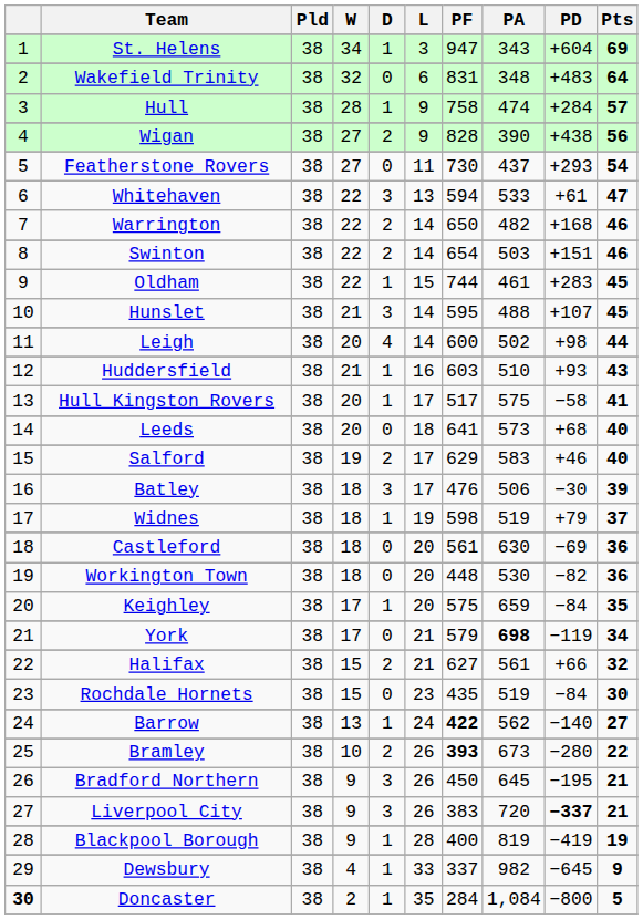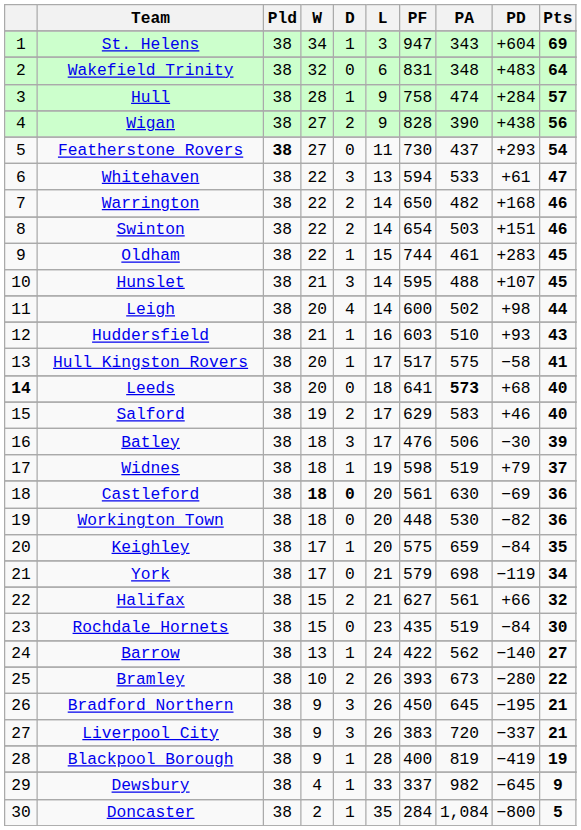 <table class="wikitable" style="text-align:center;">
 <tr>
 <th width=20 abbr="Position"></th>
 <th width=175>Team</th>
 <th width=20 abbr="Played">Pld</th>
 <th width=20 abbr="Won">W</th>
 <th width=20 abbr="Drawn">D</th>
 <th width=20 abbr="Lost">L</th>
 <th width=20 abbr="Points for">PF</th>
 <th width=20 abbr="Points against">PA</th>
 <th width=20 abbr="Points difference">PD</th>
 <th width=20 abbr="Points">Pts</th>
 </tr>
 <tr>
 </tr>
 <tr align=center style="background:#ccffcc;">
 <td>1</td>
 <td style="text-align:center;"><a href='#'>St. Helens</a></td>
 <td>38</td>
 <td>34</td>
 <td>1</td>
 <td>3</td>
 <td>947</td>
 <td>343</td>
 <td>+604</td>
 <td><strong>69</strong></td>
 </tr>
 <tr --->
 </tr>
 <tr align=center style="background:#ccffcc;">
 <td>2</td>
 <td style="text-align:center;"><a href='#'>Wakefield Trinity</a></td>
 <td>38</td>
 <td>32</td>
 <td>0</td>
 <td>6</td>
 <td>831</td>
 <td>348</td>
 <td>+483</td>
 <td><strong>64</strong></td>
 </tr>
 <tr --->
 </tr>
 <tr align=center style="background:#ccffcc;">
 <td>3</td>
 <td style="text-align:center;"><a href='#'>Hull</a></td>
 <td>38</td>
 <td>28</td>
 <td>1</td>
 <td>9</td>
 <td>758</td>
 <td>474</td>
 <td>+284</td>
 <td><strong>57</strong></td>
 </tr>
 <tr --->
 </tr>
 <tr align=center style="background:#ccffcc;">
 <td>4</td>
 <td style="text-align:center;"><a href='#'>Wigan</a></td>
 <td>38</td>
 <td>27</td>
 <td>2</td>
 <td>9</td>
 <td>828</td>
 <td>390</td>
 <td>+438</td>
 <td><strong>56</strong></td>
 </tr>
 <tr --->
 </tr>
 <tr align=center style="background:">
 <td>5</td>
 <td style="text-align:center;"><a href='#'>Featherstone Rovers</a></td>
-<td>38</td>
+<td><strong>38</strong></td>
 <td>27</td>
 <td>0</td>
 <td>11</td>
 <td>730</td>
 <td>437</td>
 <td>+293</td>
 <td><strong>54</strong></td>
 </tr>
 <tr --->
 </tr>
 <tr align=center style="background:">
 <td>6</td>
 <td style="text-align:center;"><a href='#'>Whitehaven</a></td>
 <td>38</td>
 <td>22</td>
 <td>3</td>
 <td>13</td>
 <td>594</td>
 <td>533</td>
 <td>+61</td>
 <td><strong>47</strong></td>
 </tr>
 <tr --->
 </tr>
 <tr align=center style="background:">
 <td>7</td>
 <td style="text-align:center;"><a href='#'>Warrington</a></td>
 <td>38</td>
 <td>22</td>
 <td>2</td>
 <td>14</td>
 <td>650</td>
 <td>482</td>
 <td>+168</td>
 <td><strong>46</strong></td>
 </tr>
 <tr --->
 </tr>
 <tr align=center style="background:">
 <td>8</td>
 <td style="text-align:center;"><a href='#'>Swinton</a></td>
 <td>38</td>
 <td>22</td>
 <td>2</td>
 <td>14</td>
 <td>654</td>
 <td>503</td>
 <td>+151</td>
 <td><strong>46</strong></td>
 </tr>
 <tr --->
 </tr>
 <tr align=center style="background:">
 <td>9</td>
 <td style="text-align:center;"><a href='#'>Oldham</a></td>
 <td>38</td>
 <td>22</td>
 <td>1</td>
 <td>15</td>
 <td>744</td>
 <td>461</td>
 <td>+283</td>
 <td><strong>45</strong></td>
 </tr>
 <tr --->
 </tr>
 <tr align=center style="background:">
 <td>10</td>
 <td style="text-align:center;"><a href='#'>Hunslet</a></td>
 <td>38</td>
 <td>21</td>
 <td>3</td>
 <td>14</td>
 <td>595</td>
 <td>488</td>
 <td>+107</td>
 <td><strong>45</strong></td>
 </tr>
 <tr --->
 </tr>
 <tr align=center style="background:">
 <td>11</td>
 <td style="text-align:center;"><a href='#'>Leigh</a></td>
 <td>38</td>
 <td>20</td>
 <td>4</td>
 <td>14</td>
 <td>600</td>
 <td>502</td>
 <td>+98</td>
 <td><strong>44</strong></td>
 </tr>
 <tr --->
 </tr>
 <tr align=center style="background:">
 <td>12</td>
 <td style="text-align:center;"><a href='#'>Huddersfield</a></td>
 <td>38</td>
 <td>21</td>
 <td>1</td>
 <td>16</td>
 <td>603</td>
 <td>510</td>
 <td>+93</td>
 <td><strong>43</strong></td>
 </tr>
 <tr --->
 </tr>
 <tr align=center style="background:">
 <td>13</td>
 <td style="text-align:center;"><a href='#'>Hull Kingston Rovers</a></td>
 <td>38</td>
 <td>20</td>
 <td>1</td>
 <td>17</td>
 <td>517</td>
 <td>575</td>
 <td>−58</td>
 <td><strong>41</strong></td>
 </tr>
 <tr --->
 </tr>
 <tr align=center style="background:">
-<td>14</td>
+<td><strong>14</strong></td>
 <td style="text-align:center;"><a href='#'>Leeds</a></td>
 <td>38</td>
 <td>20</td>
 <td>0</td>
 <td>18</td>
 <td>641</td>
-<td>573</td>
+<td><strong>573</strong></td>
 <td>+68</td>
 <td><strong>40</strong></td>
 </tr>
 <tr --->
 </tr>
 <tr align=center style="background:">
 <td>15</td>
 <td style="text-align:center;"><a href='#'>Salford</a></td>
 <td>38</td>
 <td>19</td>
 <td>2</td>
 <td>17</td>
 <td>629</td>
 <td>583</td>
 <td>+46</td>
 <td><strong>40</strong></td>
 </tr>
 <tr --->
 </tr>
 <tr align=center style="background:">
 <td>16</td>
 <td style="text-align:center;"><a href='#'>Batley</a></td>
 <td>38</td>
 <td>18</td>
 <td>3</td>
 <td>17</td>
 <td>476</td>
 <td>506</td>
 <td>−30</td>
 <td><strong>39</strong></td>
 </tr>
 <tr --->
 </tr>
 <tr align=center style="background:">
 <td>17</td>
 <td style="text-align:center;"><a href='#'>Widnes</a></td>
 <td>38</td>
 <td>18</td>
 <td>1</td>
 <td>19</td>
 <td>598</td>
 <td>519</td>
 <td>+79</td>
 <td><strong>37</strong></td>
 </tr>
 <tr --->
 </tr>
 <tr align=center style="background:">
 <td>18</td>
 <td style="text-align:center;"><a href='#'>Castleford</a></td>
 <td>38</td>
-<td>18</td>
-<td>0</td>
+<td><strong>18</strong></td>
+<td><strong>0</strong></td>
 <td>20</td>
 <td>561</td>
 <td>630</td>
 <td>−69</td>
 <td><strong>36</strong></td>
 </tr>
 <tr --->
 </tr>
 <tr align=center style="background:">
 <td>19</td>
 <td style="text-align:center;"><a href='#'>Workington Town</a></td>
 <td>38</td>
 <td>18</td>
 <td>0</td>
 <td>20</td>
 <td>448</td>
 <td>530</td>
 <td>−82</td>
 <td><strong>36</strong></td>
 </tr>
 <tr --->
 </tr>
 <tr align=center style="background:">
 <td>20</td>
 <td style="text-align:center;"><a href='#'>Keighley</a></td>
 <td>38</td>
 <td>17</td>
 <td>1</td>
 <td>20</td>
 <td>575</td>
 <td>659</td>
 <td>−84</td>
 <td><strong>35</strong></td>
 </tr>
 <tr --->
 </tr>
 <tr align=center style="background:">
 <td>21</td>
 <td style="text-align:center;"><a href='#'>York</a></td>
 <td>38</td>
 <td>17</td>
 <td>0</td>
 <td>21</td>
 <td>579</td>
-<td><strong>698</strong></td>
+<td>698</td>
 <td>−119</td>
 <td><strong>34</strong></td>
 </tr>
 <tr --->
 </tr>
 <tr align=center style="background:">
 <td>22</td>
 <td style="text-align:center;"><a href='#'>Halifax</a></td>
 <td>38</td>
 <td>15</td>
 <td>2</td>
 <td>21</td>
 <td>627</td>
 <td>561</td>
 <td>+66</td>
 <td><strong>32</strong></td>
 </tr>
 <tr --->
 </tr>
 <tr align=center style="background:">
 <td>23</td>
 <td style="text-align:center;"><a href='#'>Rochdale Hornets</a></td>
 <td>38</td>
 <td>15</td>
 <td>0</td>
 <td>23</td>
 <td>435</td>
 <td>519</td>
 <td>−84</td>
 <td><strong>30</strong></td>
 </tr>
 <tr --->
 </tr>
 <tr align=center style="background:">
 <td>24</td>
 <td style="text-align:center;"><a href='#'>Barrow</a></td>
 <td>38</td>
 <td>13</td>
 <td>1</td>
 <td>24</td>
-<td><strong>422</strong></td>
+<td>422</td>
 <td>562</td>
 <td>−140</td>
 <td><strong>27</strong></td>
 </tr>
 <tr --->
 </tr>
 <tr align=center style="background:">
 <td>25</td>
 <td style="text-align:center;"><a href='#'>Bramley</a></td>
 <td>38</td>
 <td>10</td>
 <td>2</td>
 <td>26</td>
-<td><strong>393</strong></td>
+<td>393</td>
 <td>673</td>
 <td>−280</td>
 <td><strong>22</strong></td>
 </tr>
 <tr --->
 </tr>
 <tr align=center style="background:">
 <td>26</td>
 <td style="text-align:center;"><a href='#'>Bradford Northern</a></td>
 <td>38</td>
 <td>9</td>
 <td>3</td>
 <td>26</td>
 <td>450</td>
 <td>645</td>
 <td>−195</td>
 <td><strong>21</strong></td>
 </tr>
 <tr --->
 </tr>
 <tr align=center style="background:">
 <td>27</td>
 <td style="text-align:center;"><a href='#'>Liverpool City</a></td>
 <td>38</td>
 <td>9</td>
 <td>3</td>
 <td>26</td>
 <td>383</td>
 <td>720</td>
-<td><strong>−337</strong></td>
+<td>−337</td>
 <td><strong>21</strong></td>
 </tr>
 <tr --->
 </tr>
 <tr align=center style="background:">
 <td>28</td>
 <td style="text-align:center;"><a href='#'>Blackpool Borough</a></td>
 <td>38</td>
 <td>9</td>
 <td>1</td>
 <td>28</td>
 <td>400</td>
 <td>819</td>
 <td>−419</td>
 <td><strong>19</strong></td>
 </tr>
 <tr --->
 </tr>
 <tr align=center style="background:">
 <td>29</td>
 <td style="text-align:center;"><a href='#'>Dewsbury</a></td>
 <td>38</td>
 <td>4</td>
 <td>1</td>
 <td>33</td>
 <td>337</td>
 <td>982</td>
 <td>−645</td>
 <td><strong>9</strong></td>
 </tr>
 <tr --->
 </tr>
 <tr align=center style="background:">
-<td><strong>30</strong></td>
+<td>30</td>
 <td style="text-align:center;"><a href='#'>Doncaster</a></td>
 <td>38</td>
 <td>2</td>
 <td>1</td>
 <td>35</td>
 <td>284</td>
 <td>1,084</td>
 <td>−800</td>
 <td><strong>5</strong></td>
 </tr>
 <tr --->
 </tr>
 </table>
